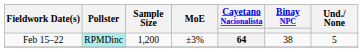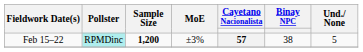 <table class="wikitable" style="text-align:center;font-size:85%;line-height:14px">
 <tr>
 <th rowspan="2">Fieldwork Date(s)</th>
 <th rowspan="2">Pollster</th>
 <th rowspan="2" style="width:60px;">Sample Size</th>
 <th rowspan="2" style="width:60px;">MoE</th>
 <th style="width:60px;"><a href='#'>Cayetano</a><br><a href='#'><small>Nacionalista</small></a></th>
 <th style="width:60px;"><a href='#'>Binay</a><br><a href='#'><small>NPC</small></a></th>
 <th rowspan="2" style="width:60px;">Und./<br>None</th>
 </tr>
 <tr>
 <td style="background:"></td>
 <th style="background:"></th>
 </tr>
 <tr>
 <td>Feb 15–22</td>
 <td style="background: paleturquoise;">RPMDinc</td>
-<td>1,200</td>
+<td><strong>1,200</strong></td>
 <td>±3%</td>
-<th style="background-color:#">64</th>
+<th style="background-color:#">57</th>
 <td>38</td>
 <td>5</td>
 </tr>
 <tr>
 </tr>
 </table>
